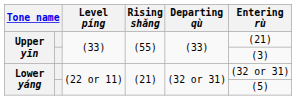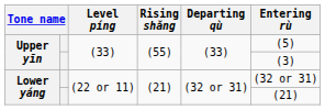 <table class="wikitable" style="text-align: center">
 <tr>
 <th colspan="2"><a href='#'>Tone name</a></th>
 <th>Level<br><em>píng</em> </th>
 <th>Rising<br><em>shǎng</em> </th>
 <th>Departing<br><em>qù</em> </th>
 <th>Entering<br><em>rù</em> </th>
 </tr>
 <tr>
 <th rowspan="2">Upper<br><em>yīn</em> </th>
 <th></th>
 <td rowspan="2"> (33)</td>
 <td rowspan="2"> (55)</td>
 <td rowspan="2"> (33)</td>
-<td> (21)</td>
+<td> (5)</td>
 </tr>
 <tr>
 <th></th>
 <td> (3)</td>
 </tr>
 <tr>
 <th rowspan="2">Lower<br><em>yáng</em> </th>
 <th></th>
 <td rowspan="2"> (22 or 11)</td>
 <td rowspan="2"> (21)</td>
 <td rowspan="2"> (32 or 31)</td>
 <td> (32 or 31)</td>
 </tr>
 <tr>
 <th></th>
-<td> (5)</td>
+<td> (21)</td>
 </tr>
 </table>
